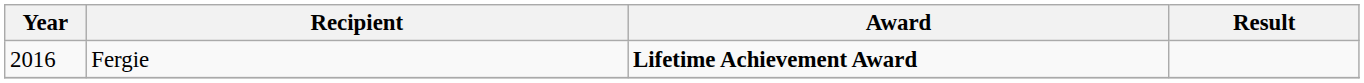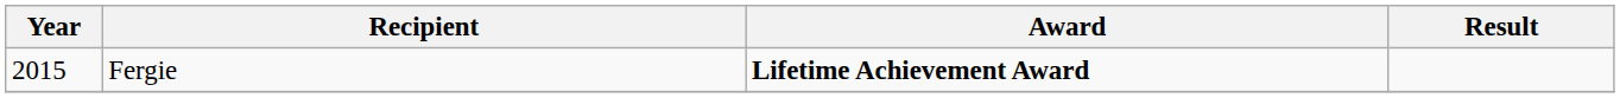 <table style="width: 75%;" class="wikitable">
 <tr>
 <th style="width:6%;">Year</th>
 <th style="width:40%;">Recipient</th>
 <th style="width:40%;">Award</th>
 <th style="width:14%;">Result</th>
 </tr>
 <tr>
-<td>2016</td>
+<td>2015</td>
 <td>Fergie</td>
 <td><strong>Lifetime Achievement Award</strong></td>
 <td></td>
 </tr>
 <tr>
 </tr>
 </table>
